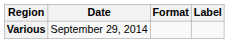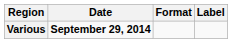 <table class="wikitable plainrowheaders">
 <tr>
 <th scope="col">Region</th>
 <th scope="col">Date</th>
 <th scope="col">Format</th>
 <th scope="col">Label</th>
 </tr>
 <tr>
 <th rowspan="1" scope="row">Various</th>
-<td>September 29, 2014</td>
+<td><strong>September 29, 2014</strong></td>
 <td rowspan="2"></td>
 <td rowspan="2" scope="row"></td>
 </tr>
 </table>
